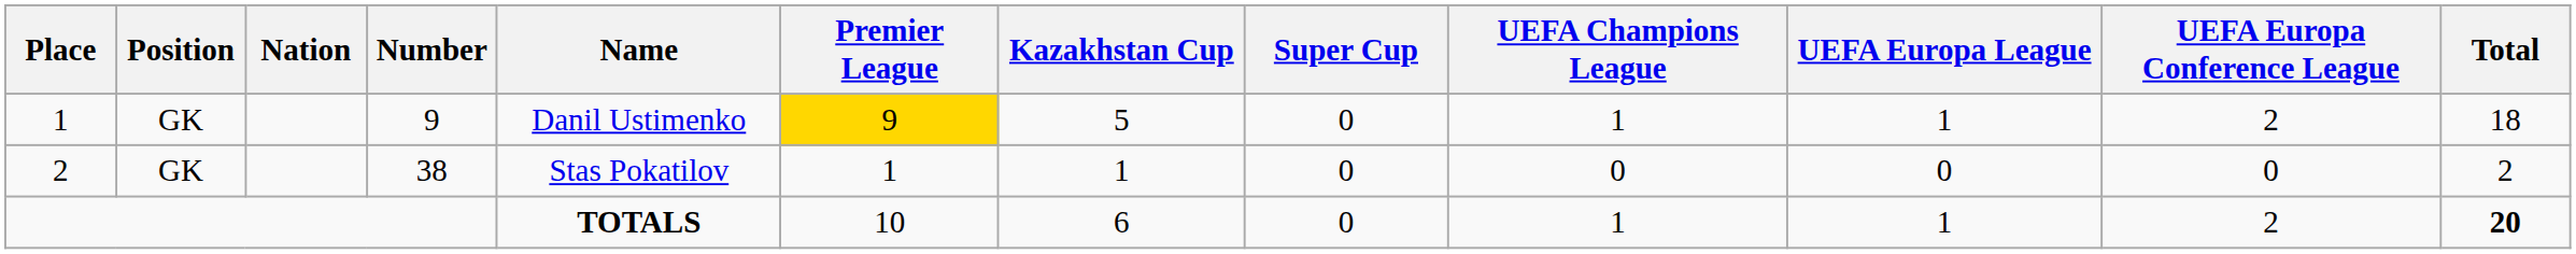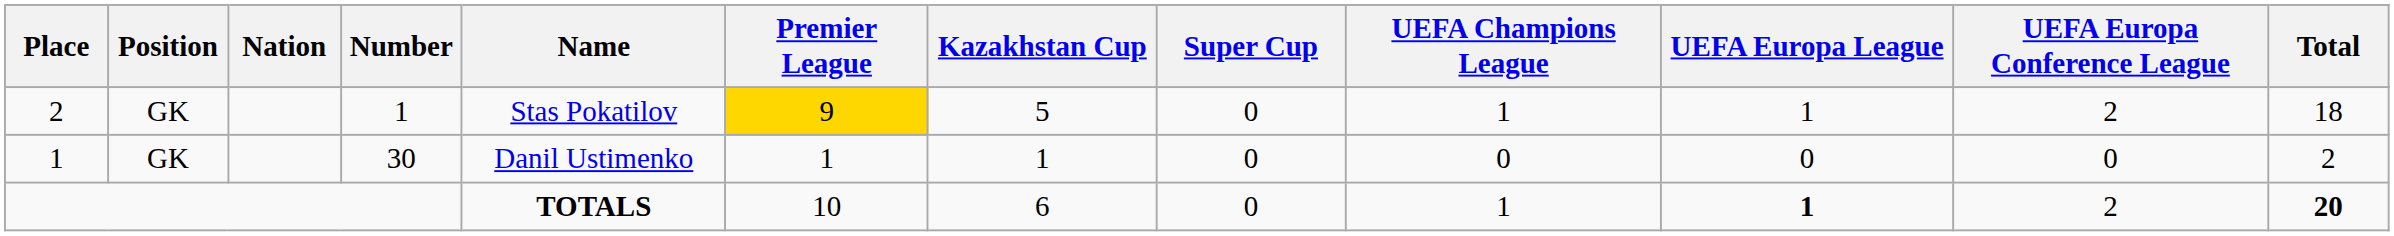 <table class="wikitable" style="font-size: 95%; text-align: center;">
 <tr>
 <th width=60>Place</th>
 <th width=60>Position</th>
 <th width=60>Nation</th>
 <th width=60>Number</th>
 <th width=200>Name</th>
 <th width=150><a href='#'>Premier League</a></th>
 <th width=150><a href='#'>Kazakhstan Cup</a></th>
 <th width=150><a href='#'>Super Cup</a></th>
 <th width=250><a href='#'>UEFA Champions League</a></th>
 <th width=250><a href='#'>UEFA Europa League</a></th>
 <th width=250><a href='#'>UEFA Europa Conference League</a></th>
 <th width=80>Total</th>
 </tr>
 <tr>
-<td>1</td>
+<td>2</td>
 <td>GK</td>
 <td></td>
-<td>9</td>
-<td><a href='#'>Danil Ustimenko</a></td>
+<td>1</td>
+<td><a href='#'>Stas Pokatilov</a></td>
 <td style="background: gold;">9</td>
 <td>5</td>
 <td>0</td>
 <td>1</td>
 <td>1</td>
 <td>2</td>
 <td>18</td>
 </tr>
 <tr>
-<td>2</td>
+<td>1</td>
 <td>GK</td>
 <td></td>
-<td>38</td>
-<td><a href='#'>Stas Pokatilov</a></td>
+<td>30</td>
+<td><a href='#'>Danil Ustimenko</a></td>
 <td>1</td>
 <td>1</td>
 <td>0</td>
 <td>0</td>
 <td>0</td>
 <td>0</td>
 <td>2</td>
 </tr>
 <tr>
 <td colspan="4"></td>
 <td><strong>TOTALS</strong></td>
 <td>10</td>
 <td>6</td>
 <td>0</td>
 <td>1</td>
-<td>1</td>
+<td><strong>1</strong></td>
 <td>2</td>
 <td><strong>20</strong></td>
 </tr>
 </table>
